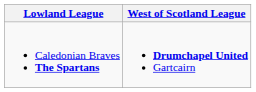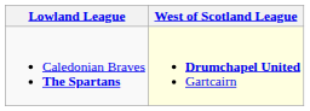 <table class="wikitable" style="text-align:left">
 <tr>
 <th><a href='#'>Lowland League</a></th>
 <th><a href='#'>West of Scotland League</a></th>
 </tr>
 <tr>
 <td valign=top><br><ul><li><a href='#'>Caledonian Braves</a></li><li><strong><a href='#'>The Spartans</a></strong></li></ul></td>
-<td valign=top><br><ul><li><strong><a href='#'>Drumchapel United</a></strong></li><li><a href='#'>Gartcairn</a></li></ul></td>
+<td valign=top style="background: lightyellow;"><br><ul><li><strong><a href='#'>Drumchapel United</a></strong></li><li><a href='#'>Gartcairn</a></li></ul></td>
 </tr>
 </table>
